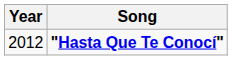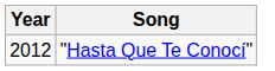 <table class="wikitable">
 <tr>
 <th>Year</th>
 <th>Song</th>
 </tr>
 <tr>
 <td align="center" rowspan="10">2012</td>
-<td><strong>"<a href='#'>Hasta Que Te Conocí</a>"</strong></td>
+<td>"<a href='#'>Hasta Que Te Conocí</a>"</td>
 </tr>
 </table>
